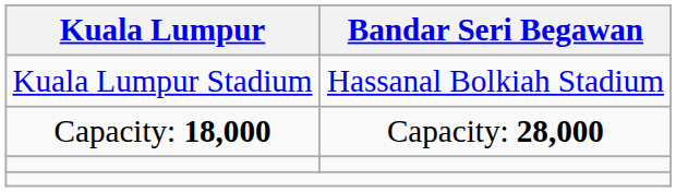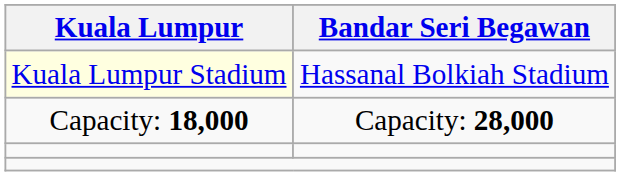 <table class="wikitable" style="text-align:center;margin:1em auto;">
 <tr>
 <th> <a href='#'>Kuala Lumpur</a></th>
 <th> <a href='#'>Bandar Seri Begawan</a></th>
 </tr>
 <tr>
-<td><a href='#'>Kuala Lumpur Stadium</a></td>
+<td style="background: lightyellow;"><a href='#'>Kuala Lumpur Stadium</a></td>
 <td><a href='#'>Hassanal Bolkiah Stadium</a></td>
 </tr>
 <tr>
 <td>Capacity: <strong>18,000</strong></td>
 <td>Capacity: <strong>28,000</strong></td>
 </tr>
 <tr>
 <td></td>
 <td></td>
 </tr>
 <tr>
 <td rowspan=6 colspan=2></td>
 </tr>
 </table>
